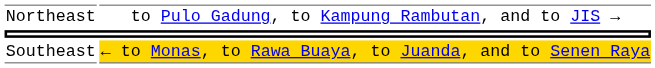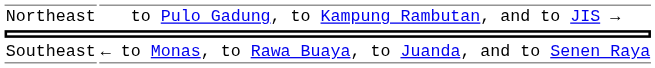 <table>
 <tr>
 <td style="text-align:center;border-top:solid 1px gray">Northeast</td>
 <td style="text-align:center;border-top:solid 1px gray">  to <a href='#'>Pulo Gadung</a>,  to <a href='#'>Kampung Rambutan</a>, and  to <a href='#'>JIS</a>  →</td>
 </tr>
 <tr>
 <td colspan="2" style="text-align:center; border:solid 2px black; "></td>
 </tr>
 <tr>
 <td style="text-align:center;border-bottom:solid 1px gray">Southeast</td>
-<td style="background: gold; text-align:center;border-bottom:solid 1px gray">←   to <a href='#'>Monas</a>,  to <a href='#'>Rawa Buaya</a>,  to <a href='#'>Juanda</a>, and  to <a href='#'>Senen Raya</a></td>
+<td style="text-align:center;border-bottom:solid 1px gray">←   to <a href='#'>Monas</a>,  to <a href='#'>Rawa Buaya</a>,  to <a href='#'>Juanda</a>, and  to <a href='#'>Senen Raya</a></td>
 </tr>
 </table>
